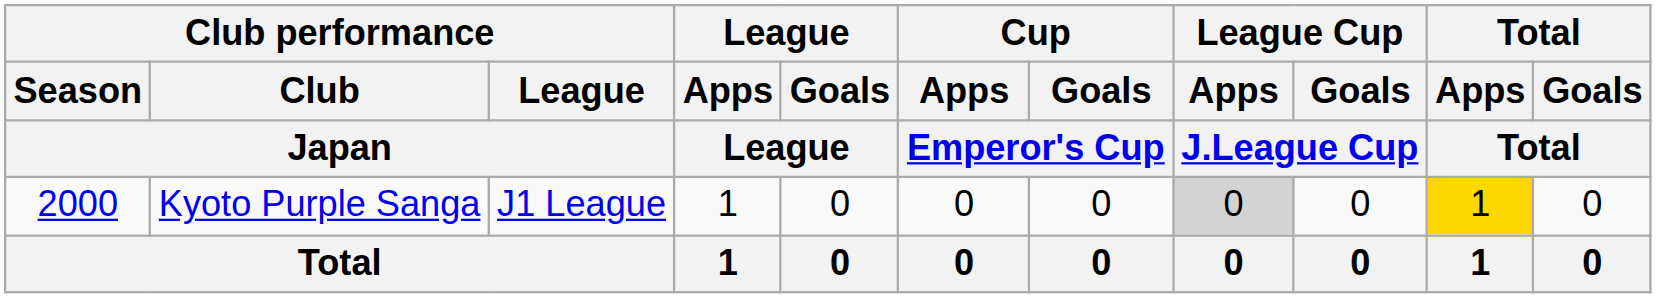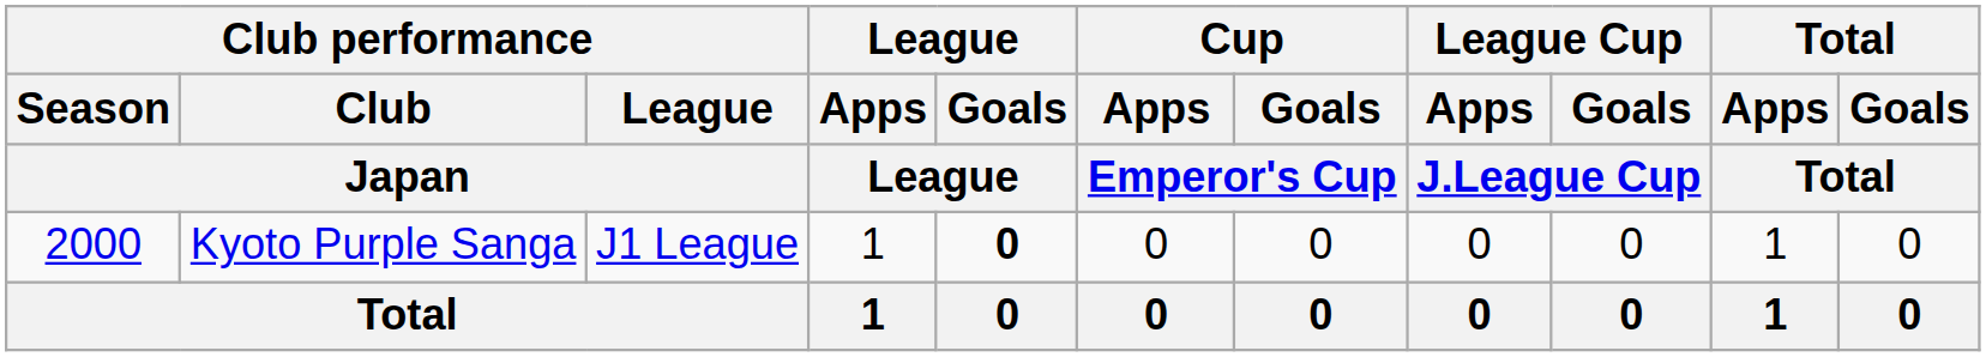 <table class="wikitable" style="text-align:center;">
 <tr>
 <th colspan=3>Club performance</th>
 <th colspan=2>League</th>
 <th colspan=2>Cup</th>
 <th colspan=2>League Cup</th>
 <th colspan=2>Total</th>
 </tr>
 <tr>
 <th>Season</th>
 <th>Club</th>
 <th>League</th>
 <th>Apps</th>
 <th>Goals</th>
 <th>Apps</th>
 <th>Goals</th>
 <th>Apps</th>
 <th>Goals</th>
 <th>Apps</th>
 <th>Goals</th>
 </tr>
 <tr>
 <th colspan=3>Japan</th>
 <th colspan=2>League</th>
 <th colspan=2><a href='#'>Emperor's Cup</a></th>
 <th colspan=2><a href='#'>J.League Cup</a></th>
 <th colspan=2>Total</th>
 </tr>
 <tr>
 <td><a href='#'>2000</a></td>
 <td><a href='#'>Kyoto Purple Sanga</a></td>
 <td><a href='#'>J1 League</a></td>
 <td>1</td>
+<td><strong>0</strong></td>
 <td>0</td>
 <td>0</td>
 <td>0</td>
-<td style="background: lightgrey;">0</td>
 <td>0</td>
-<td style="background: gold;">1</td>
+<td>1</td>
 <td>0</td>
 </tr>
 <tr>
 <th colspan=3>Total</th>
 <th>1</th>
 <th>0</th>
 <th>0</th>
 <th>0</th>
 <th>0</th>
 <th>0</th>
 <th>1</th>
 <th>0</th>
 </tr>
 </table>
